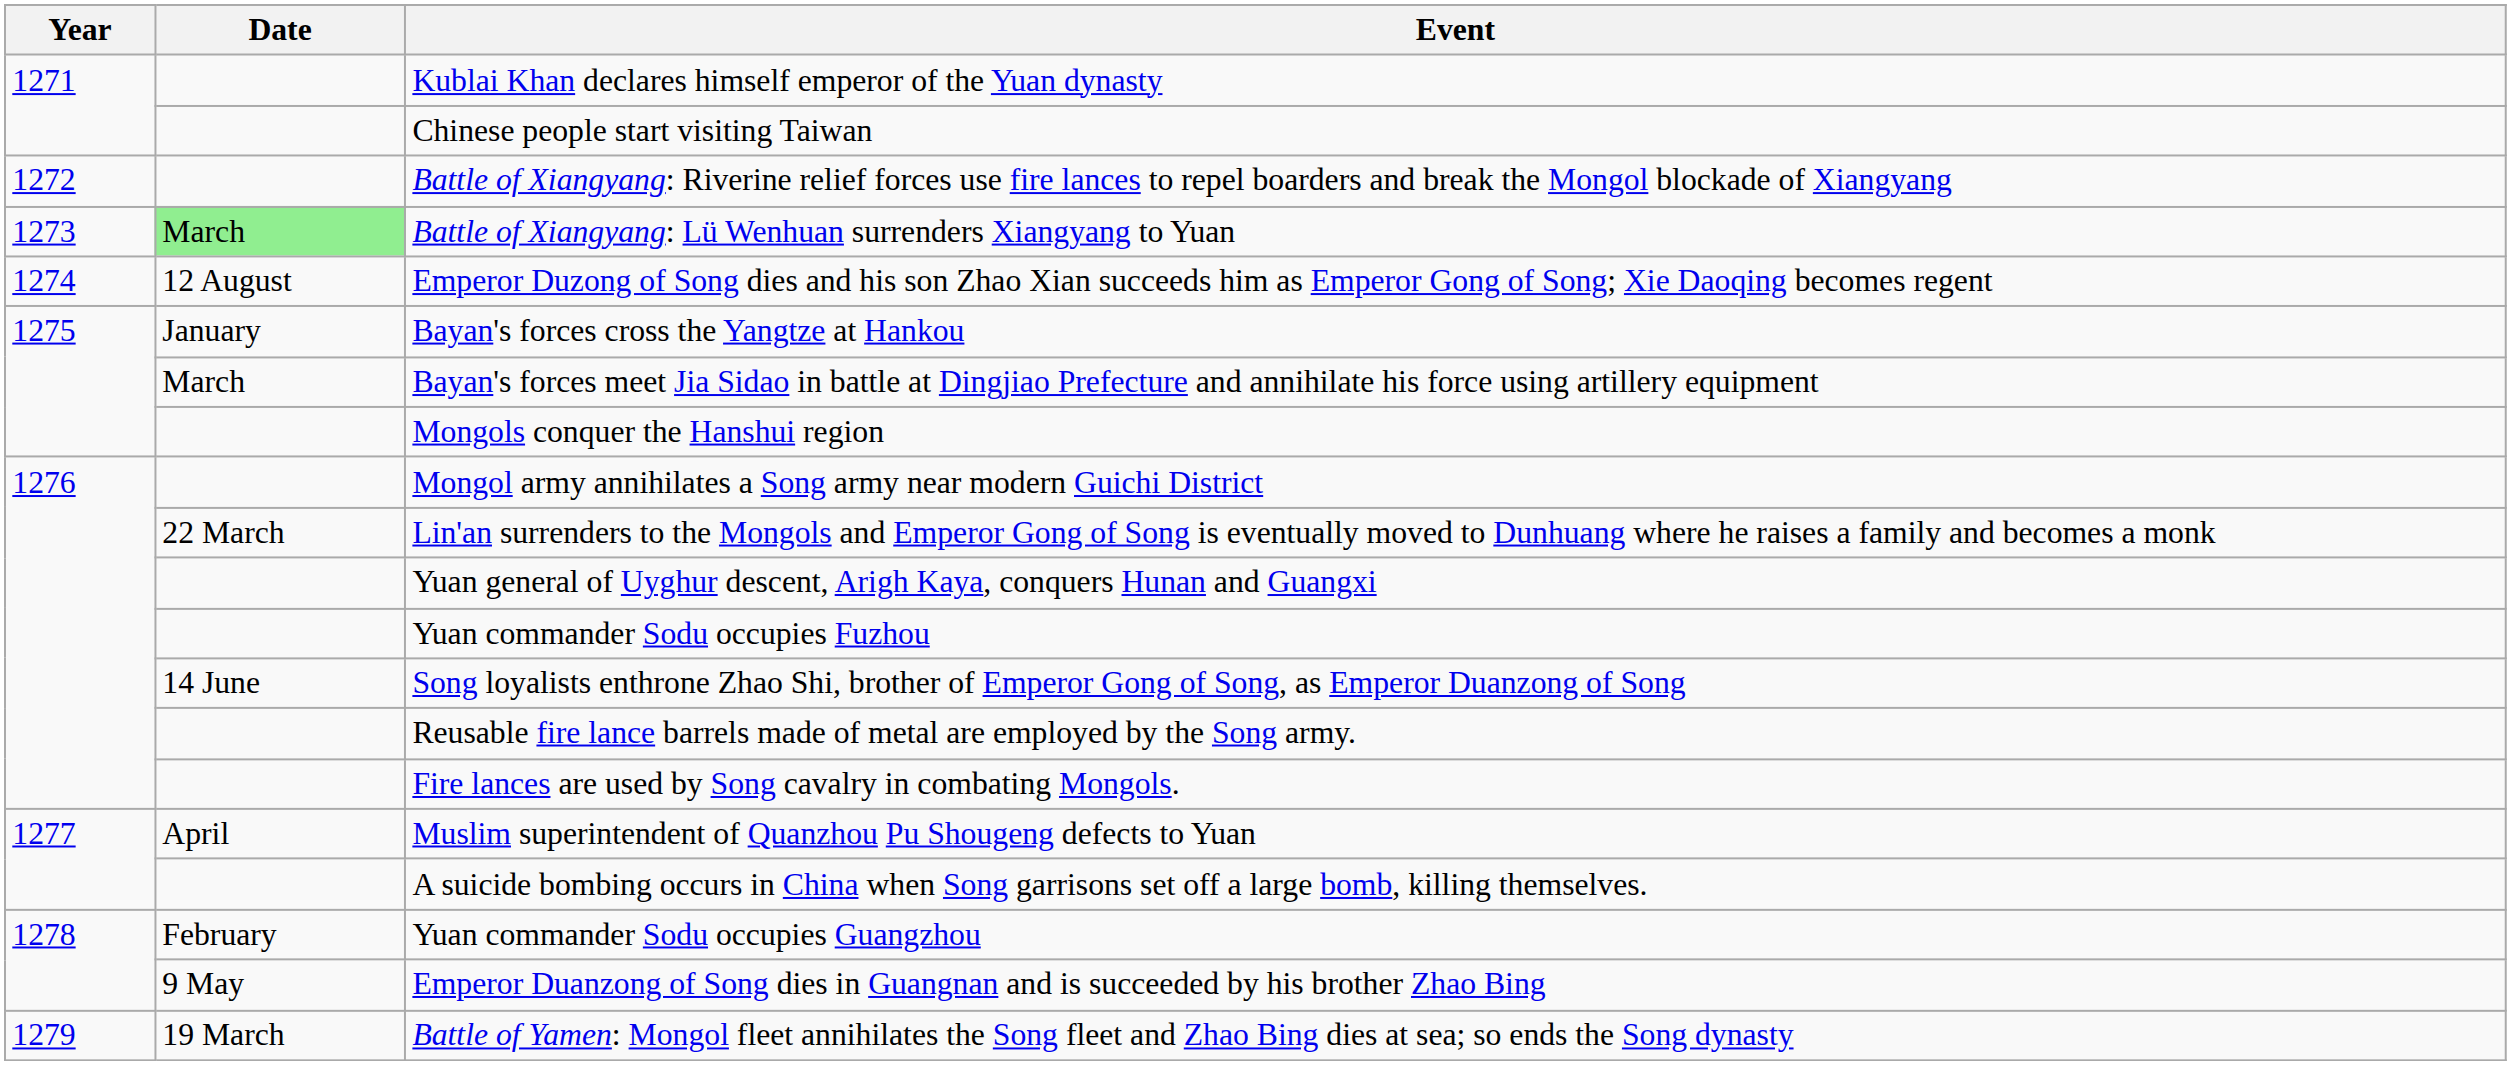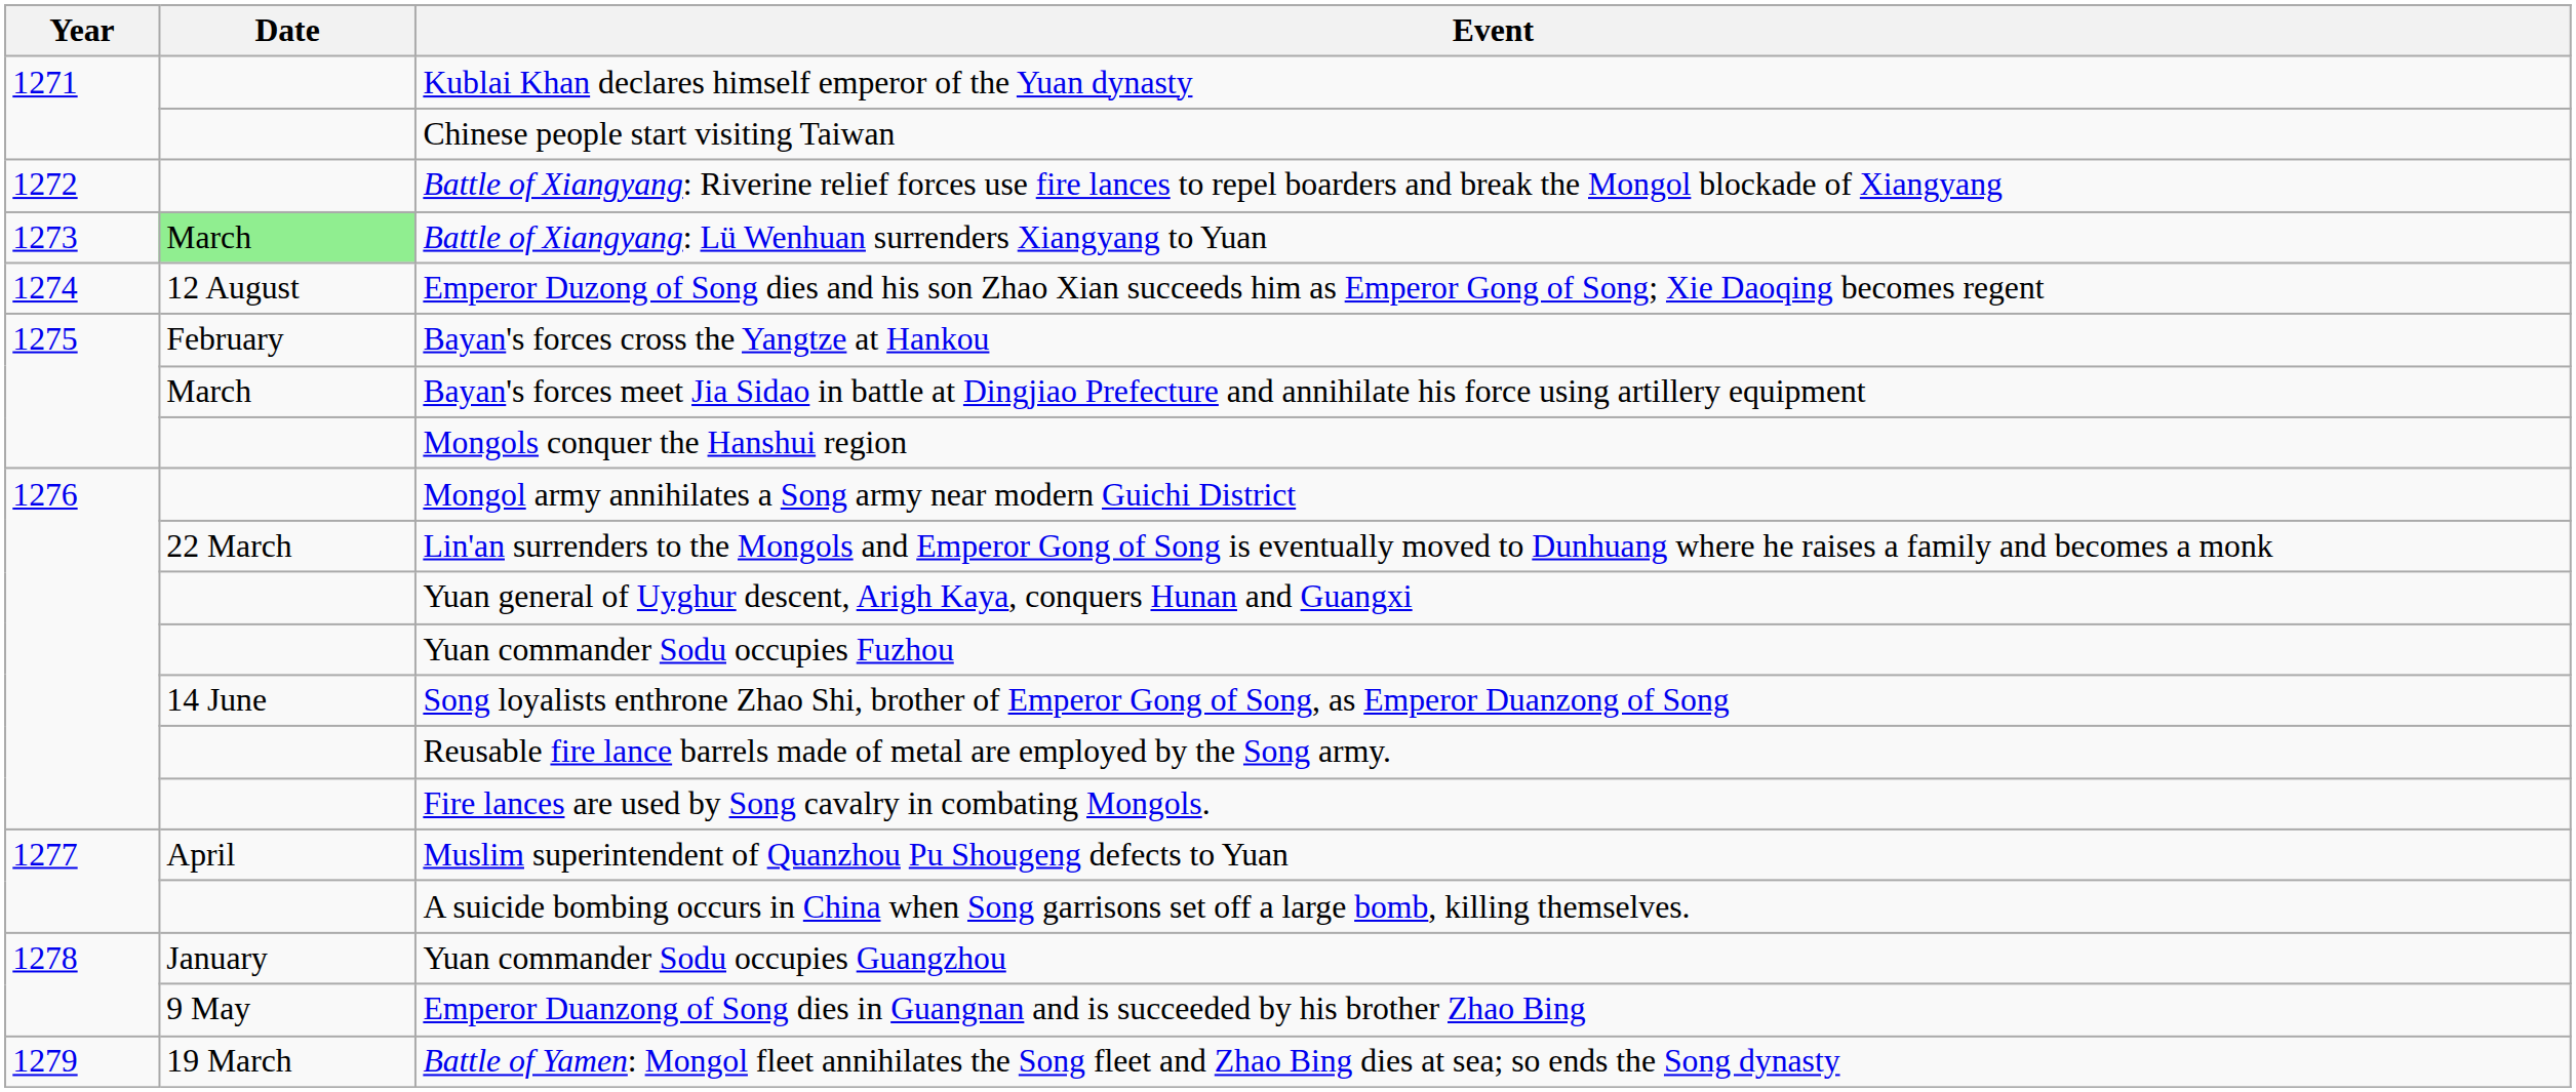 <table class="wikitable" width="100%">
 <tr>
 <th style="width:6%">Year</th>
 <th style="width:10%">Date</th>
 <th>Event</th>
 </tr>
 <tr>
 <td rowspan="2" valign="top"><a href='#'>1271</a></td>
 <td></td>
 <td><a href='#'>Kublai Khan</a> declares himself emperor of the <a href='#'>Yuan dynasty</a></td>
 </tr>
 <tr>
 <td></td>
 <td>Chinese people start visiting Taiwan</td>
 </tr>
 <tr>
 <td><a href='#'>1272</a></td>
 <td></td>
 <td><em><a href='#'>Battle of Xiangyang</a></em>: Riverine relief forces use <a href='#'>fire lances</a> to repel boarders and break the <a href='#'>Mongol</a> blockade of <a href='#'>Xiangyang</a></td>
 </tr>
 <tr>
 <td><a href='#'>1273</a></td>
 <td style="background: lightgreen;">March</td>
 <td><em><a href='#'>Battle of Xiangyang</a></em>: <a href='#'>Lü Wenhuan</a> surrenders <a href='#'>Xiangyang</a> to Yuan</td>
 </tr>
 <tr>
 <td><a href='#'>1274</a></td>
 <td>12 August</td>
 <td><a href='#'>Emperor Duzong of Song</a> dies and his son Zhao Xian succeeds him as <a href='#'>Emperor Gong of Song</a>; <a href='#'>Xie Daoqing</a> becomes regent</td>
 </tr>
 <tr>
 <td rowspan="3" valign="top"><a href='#'>1275</a></td>
-<td>January</td>
+<td>February</td>
 <td><a href='#'>Bayan</a>'s forces cross the <a href='#'>Yangtze</a> at <a href='#'>Hankou</a></td>
 </tr>
 <tr>
 <td>March</td>
 <td><a href='#'>Bayan</a>'s forces meet <a href='#'>Jia Sidao</a> in battle at <a href='#'>Dingjiao Prefecture</a> and annihilate his force using artillery equipment</td>
 </tr>
 <tr>
 <td></td>
 <td><a href='#'>Mongols</a> conquer the <a href='#'>Hanshui</a> region</td>
 </tr>
 <tr>
 <td rowspan="7" valign="top"><a href='#'>1276</a></td>
 <td></td>
 <td><a href='#'>Mongol</a> army annihilates a <a href='#'>Song</a> army near modern <a href='#'>Guichi District</a></td>
 </tr>
 <tr>
 <td>22 March</td>
 <td><a href='#'>Lin'an</a> surrenders to the <a href='#'>Mongols</a> and <a href='#'>Emperor Gong of Song</a> is eventually moved to <a href='#'>Dunhuang</a> where he raises a family and becomes a monk</td>
 </tr>
 <tr>
 <td></td>
 <td>Yuan general of <a href='#'>Uyghur</a> descent, <a href='#'>Arigh Kaya</a>, conquers <a href='#'>Hunan</a> and <a href='#'>Guangxi</a></td>
 </tr>
 <tr>
 <td></td>
 <td>Yuan commander <a href='#'>Sodu</a> occupies <a href='#'>Fuzhou</a></td>
 </tr>
 <tr>
 <td>14 June</td>
 <td><a href='#'>Song</a> loyalists enthrone Zhao Shi, brother of <a href='#'>Emperor Gong of Song</a>, as <a href='#'>Emperor Duanzong of Song</a></td>
 </tr>
 <tr>
 <td></td>
 <td>Reusable <a href='#'>fire lance</a> barrels made of metal are employed by the <a href='#'>Song</a> army.</td>
 </tr>
 <tr>
 <td></td>
 <td><a href='#'>Fire lances</a> are used by <a href='#'>Song</a> cavalry in combating <a href='#'>Mongols</a>.</td>
 </tr>
 <tr>
 <td rowspan="2" valign="top"><a href='#'>1277</a></td>
 <td>April</td>
 <td><a href='#'>Muslim</a> superintendent of <a href='#'>Quanzhou</a> <a href='#'>Pu Shougeng</a> defects to Yuan </td>
 </tr>
 <tr>
 <td></td>
 <td>A suicide bombing occurs in <a href='#'>China</a> when <a href='#'>Song</a> garrisons set off a large <a href='#'>bomb</a>, killing themselves.</td>
 </tr>
 <tr>
 <td rowspan="2" valign="top"><a href='#'>1278</a></td>
-<td>February</td>
+<td>January</td>
 <td>Yuan commander <a href='#'>Sodu</a> occupies <a href='#'>Guangzhou</a></td>
 </tr>
 <tr>
 <td>9 May</td>
 <td><a href='#'>Emperor Duanzong of Song</a> dies in <a href='#'>Guangnan</a> and is succeeded by his brother <a href='#'>Zhao Bing</a></td>
 </tr>
 <tr>
 <td><a href='#'>1279</a></td>
 <td>19 March</td>
 <td><em><a href='#'>Battle of Yamen</a></em>: <a href='#'>Mongol</a> fleet annihilates the <a href='#'>Song</a> fleet and <a href='#'>Zhao Bing</a> dies at sea; so ends the <a href='#'>Song dynasty</a></td>
 </tr>
 </table>
